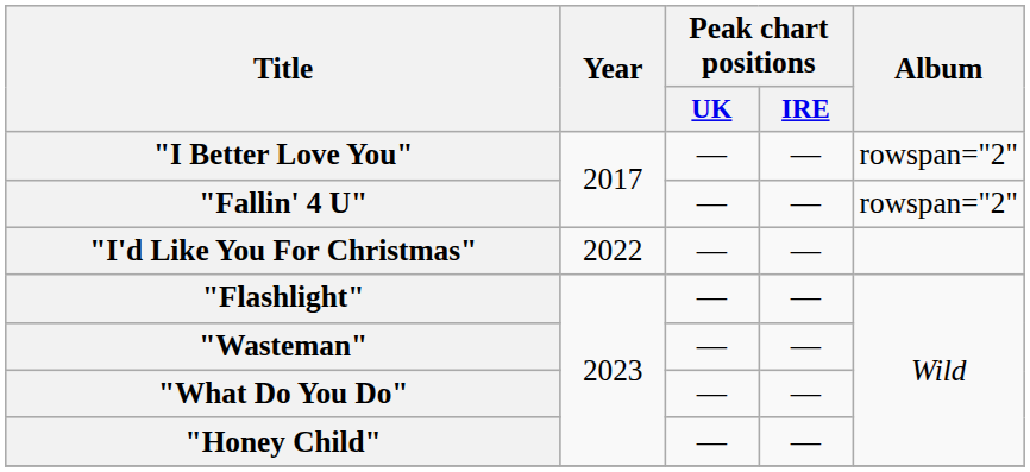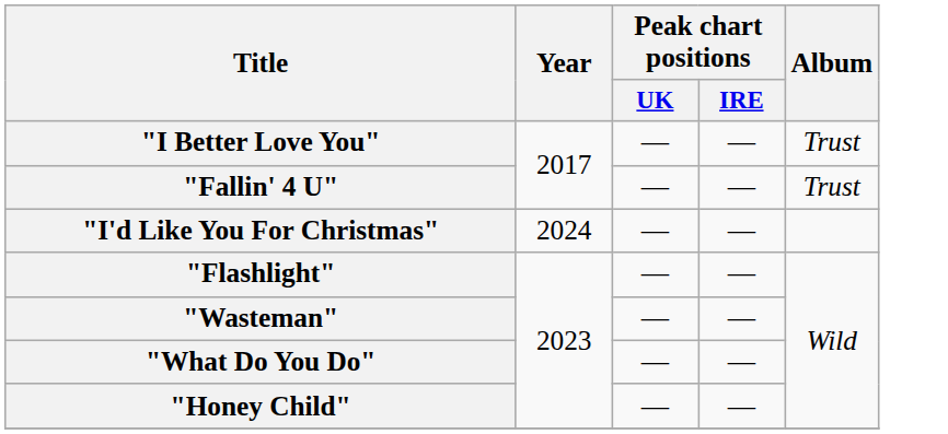 <table class="wikitable plainrowheaders" style="text-align:center;">
 <tr>
 <th rowspan="2" scope="col" style="width:18em;">Title</th>
 <th rowspan="2" scope="col" style="width:3em;">Year</th>
 <th colspan="2" scope="col">Peak chart positions</th>
 <th rowspan="2" scope="col">Album</th>
 </tr>
 <tr>
 <th scope="col" style="width:3em;font-size:90%;"><a href='#'>UK</a><br></th>
 <th scope="col" style="width:3em;font-size:90%;"><a href='#'>IRE</a></th>
 </tr>
 <tr>
 <th scope="row">"I Better Love You"</th>
 <td rowspan="2">2017</td>
 <td>—</td>
 <td>—</td>
-<td>rowspan="2" </td>
+<td><em>Trust</em></td>
 </tr>
 <tr>
 <th scope="row">"Fallin' 4 U"</th>
 <td>—</td>
 <td>—</td>
-<td>rowspan="2" </td>
+<td><em>Trust</em></td>
 </tr>
 <tr>
 <th scope="row">"I'd Like You For Christmas"</th>
-<td rowspan="1">2022</td>
+<td rowspan="1">2024</td>
 <td>—</td>
 <td>—</td>
 </tr>
 <tr>
 <th scope="row">"Flashlight"</th>
 <td rowspan="4">2023</td>
 <td>—</td>
 <td>—</td>
 <td rowspan="4"><em>Wild</em></td>
 </tr>
 <tr>
 <th scope="row">"Wasteman"</th>
 <td>—</td>
 <td>—</td>
 </tr>
 <tr>
 <th scope="row">"What Do You Do"</th>
 <td>—</td>
 <td>—</td>
 </tr>
 <tr>
 <th scope="row">"Honey Child"</th>
 <td>—</td>
 <td>—</td>
 </tr>
 <tr>
 </tr>
 </table>
